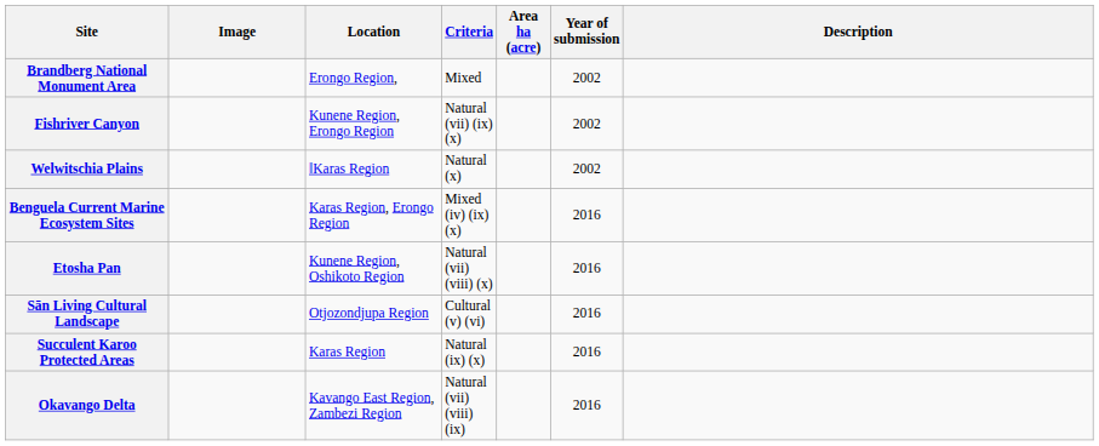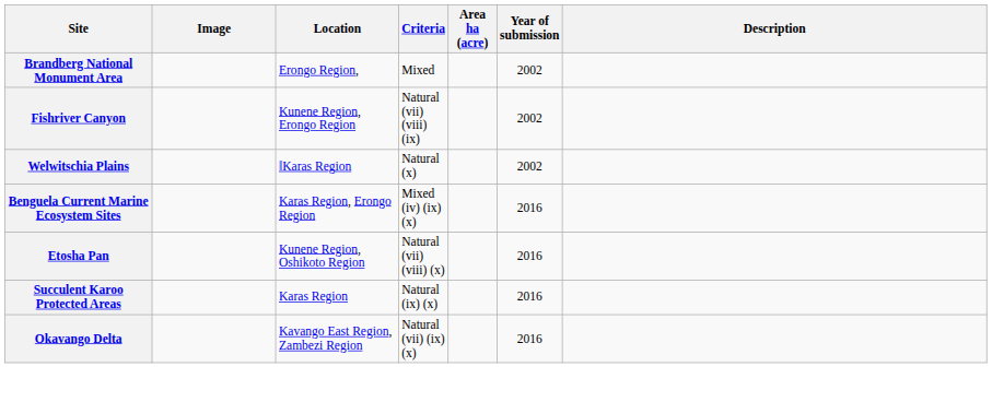 <table class="wikitable sortable">
 <tr>
 <th scope="col" style="width:15%;">Site</th>
 <th scope="col" class="unsortable" style="width:150px;">Image</th>
 <th scope="col" style="width:12.5%;">Location</th>
 <th scope="row" style="width:5%;"><a href='#'>Criteria</a></th>
 <th scope="col" style="width:5%;">Area<br><a href='#'>ha</a> (<a href='#'>acre</a>)<br></th>
 <th scope="col" style="width:5%;">Year of submission</th>
 <th scope="col" class="unsortable">Description</th>
 </tr>
 <tr>
 <th scope="row"><a href='#'>Brandberg National Monument Area</a></th>
 <td></td>
 <td><a href='#'>Erongo Region</a>, <small></small></td>
 <td>Mixed</td>
 <td></td>
 <td align="center">2002</td>
 <td></td>
 </tr>
 <tr>
 <th scope="row"><a href='#'>Fishriver Canyon</a></th>
 <td></td>
 <td><a href='#'>Kunene Region</a>, <a href='#'>Erongo Region</a> <small></small></td>
-<td>Natural (vii) (ix) (x)</td>
+<td>Natural (vii) (viii) (ix)</td>
 <td></td>
 <td align="center">2002</td>
 <td></td>
 </tr>
 <tr>
 <th scope="row"><a href='#'>Welwitschia  Plains</a></th>
 <td></td>
 <td><a href='#'>ǁKaras Region</a> <small></small></td>
 <td>Natural (x)</td>
 <td></td>
 <td align="center">2002</td>
 <td></td>
 </tr>
 <tr>
 <th scope="row"><a href='#'>Benguela Current Marine Ecosystem Sites</a></th>
 <td></td>
 <td><a href='#'>Karas Region</a>, <a href='#'>Erongo Region</a> <small></small></td>
 <td>Mixed (iv) (ix) (x)</td>
 <td></td>
 <td align="center">2016</td>
 <td></td>
 </tr>
 <tr>
 <th scope="row"><a href='#'>Etosha Pan</a></th>
 <td></td>
 <td><a href='#'>Kunene Region</a>, <a href='#'>Oshikoto Region</a> <small></small></td>
 <td>Natural (vii) (viii) (x)</td>
 <td></td>
 <td align="center">2016</td>
 <td></td>
 </tr>
 <tr>
-<th scope="row"><a href='#'>Sān Living Cultural Landscape</a></th>
-<td></td>
-<td><a href='#'>Otjozondjupa Region</a> <small></small></td>
-<td>Cultural (v) (vi)</td>
-<td></td>
-<td align="center">2016</td>
-<td></td>
-</tr>
-<tr>
 <th scope="row"><a href='#'>Succulent Karoo Protected Areas</a></th>
 <td></td>
 <td><a href='#'>Karas Region</a> <small></small></td>
 <td>Natural (ix) (x)</td>
 <td></td>
 <td align="center">2016</td>
 <td></td>
 </tr>
 <tr>
 <th scope="row"><a href='#'>Okavango Delta</a></th>
 <td></td>
 <td><a href='#'>Kavango East Region</a>, <a href='#'>Zambezi Region</a> <small></small></td>
-<td>Natural (vii) (viii) (ix)</td>
+<td>Natural (vii) (ix) (x)</td>
 <td></td>
 <td align="center">2016</td>
 <td></td>
 </tr>
 </table>
